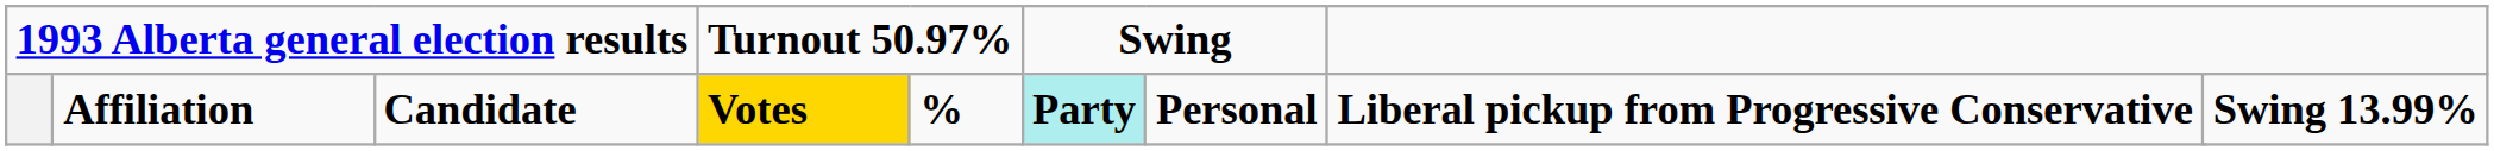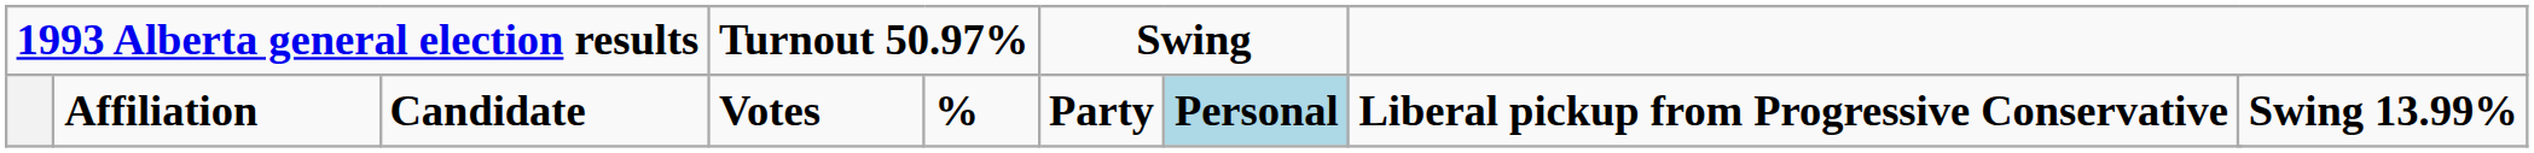 <table class="wikitable">
 <tr>
 <td colspan="3" align=center><strong><a href='#'>1993 Alberta general election</a> results</strong></td>
 <td colspan="2"><strong>Turnout 50.97%</strong></td>
 <td colspan="2" align=center><strong>Swing</strong></td>
 </tr>
 <tr>
 <th style="width: 10px;"></th>
 <td><strong>Affiliation</strong></td>
 <td><strong>Candidate</strong></td>
-<td style="background: gold;"><strong>Votes</strong></td>
+<td><strong>Votes</strong></td>
 <td><strong>%</strong></td>
-<td style="background: paleturquoise;"><strong>Party</strong></td>
-<td><strong>Personal</strong><br>      </td>
+<td><strong>Party</strong></td>
+<td style="background: lightblue;"><strong>Personal</strong><br>      </td>
 <td colspan=4><strong>Liberal pickup from Progressive Conservative</strong></td>
 <td colspan=2><strong>Swing 13.99%</strong></td>
 </tr>
 </table>
